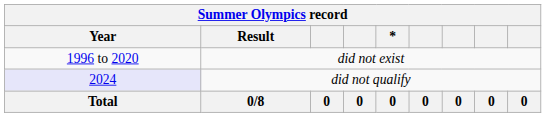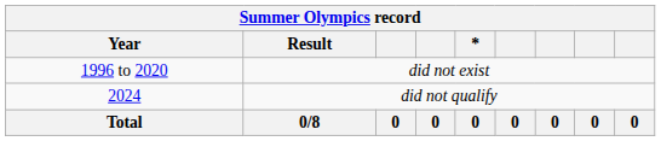 <table class="wikitable" style="text-align: center; width:50%;">
 <tr>
 <th colspan=10><a href='#'>Summer Olympics</a> record</th>
 </tr>
 <tr>
 <th>Year</th>
 <th>Result</th>
 <th></th>
 <th></th>
 <th>*</th>
 <th></th>
 <th></th>
 <th></th>
 <th></th>
 </tr>
 <tr>
 <td> <a href='#'>1996</a> to  <a href='#'>2020</a></td>
 <td colspan=8><em>did not exist</em></td>
 </tr>
 <tr>
-<td style="background: lavender;"> <a href='#'>2024</a></td>
+<td> <a href='#'>2024</a></td>
 <td colspan=8><em>did not qualify</em></td>
 </tr>
 <tr>
 <th>Total</th>
 <th>0/8</th>
 <th>0</th>
 <th>0</th>
 <th>0</th>
 <th>0</th>
 <th>0</th>
 <th>0</th>
 <th>0</th>
 </tr>
 </table>
